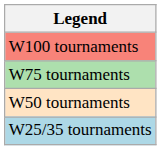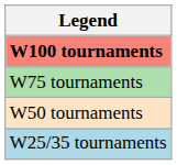 <table class="wikitable" style="font-size:85%;">
 <tr>
 <th>Legend</th>
 </tr>
 <tr style="background:#f88379;">
-<td>W100 tournaments</td>
+<td><strong>W100 tournaments</strong></td>
 </tr>
 <tr style="background:#addfad;">
 <td>W75 tournaments</td>
 </tr>
 <tr style="background:#ffe4c4;">
 <td>W50 tournaments</td>
 </tr>
 <tr style="background:lightblue;">
 <td>W25/35 tournaments</td>
 </tr>
 </table>
